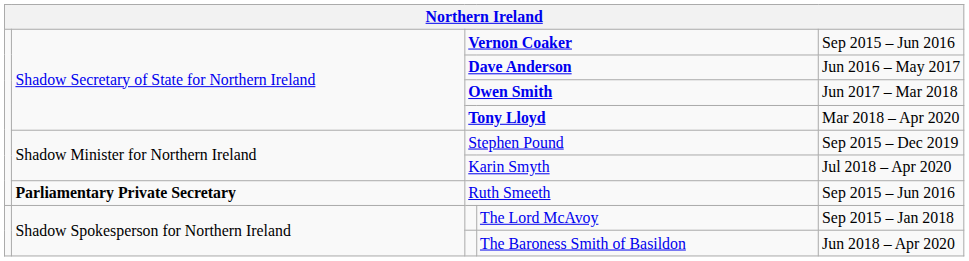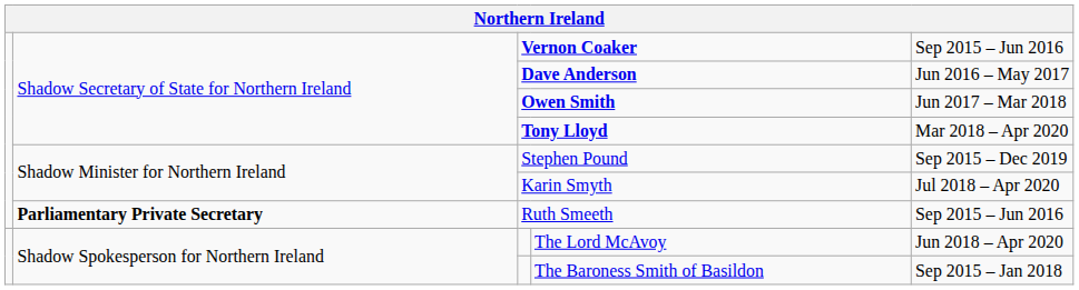 <table class="wikitable">
 <tr>
 <th colspan="5"><a href='#'>Northern Ireland</a></th>
 </tr>
 <tr>
 <td rowspan="7" style="background: "></td>
 <td rowspan="4" style="width: 450px;"><a href='#'>Shadow Secretary of State for Northern Ireland</a></td>
 <td colspan="2" style="width: 350px;"><strong><a href='#'>Vernon Coaker</a></strong></td>
 <td>Sep 2015 – Jun 2016</td>
 </tr>
 <tr>
 <td colspan="2"><a href='#'><strong>Dave Anderson</strong></a></td>
 <td>Jun 2016 – May 2017</td>
 </tr>
 <tr>
 <td colspan="2"><strong><a href='#'>Owen Smith</a></strong></td>
 <td>Jun 2017 – Mar 2018</td>
 </tr>
 <tr>
 <td colspan="2"><strong><a href='#'>Tony Lloyd</a></strong></td>
 <td>Mar 2018 – Apr 2020</td>
 </tr>
 <tr>
 <td rowspan="2">Shadow Minister for Northern Ireland</td>
 <td colspan="2"><a href='#'>Stephen Pound</a></td>
 <td>Sep 2015 – Dec 2019</td>
 </tr>
 <tr>
 <td colspan="2"><a href='#'>Karin Smyth</a></td>
 <td>Jul 2018 – Apr 2020</td>
 </tr>
 <tr>
 <td><strong>Parliamentary Private Secretary</strong></td>
 <td colspan="2"><a href='#'>Ruth Smeeth</a></td>
 <td>Sep 2015 – Jun 2016</td>
 </tr>
 <tr>
 <td rowspan="2" style="background: "></td>
 <td rowspan="2">Shadow Spokesperson for Northern Ireland</td>
 <td style="background: "></td>
 <td><a href='#'>The Lord McAvoy</a></td>
-<td>Sep 2015 – Jan 2018</td>
+<td>Jun 2018 – Apr 2020</td>
 </tr>
 <tr>
 <td style="background: "></td>
 <td><a href='#'>The Baroness Smith of Basildon</a></td>
-<td>Jun 2018 – Apr 2020</td>
+<td>Sep 2015 – Jan 2018</td>
 </tr>
 </table>
